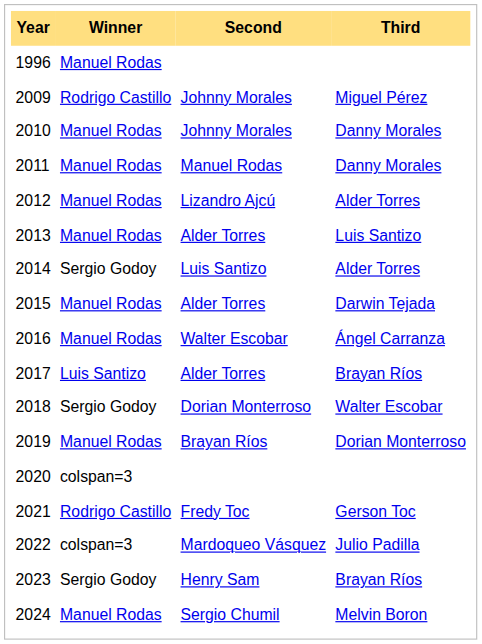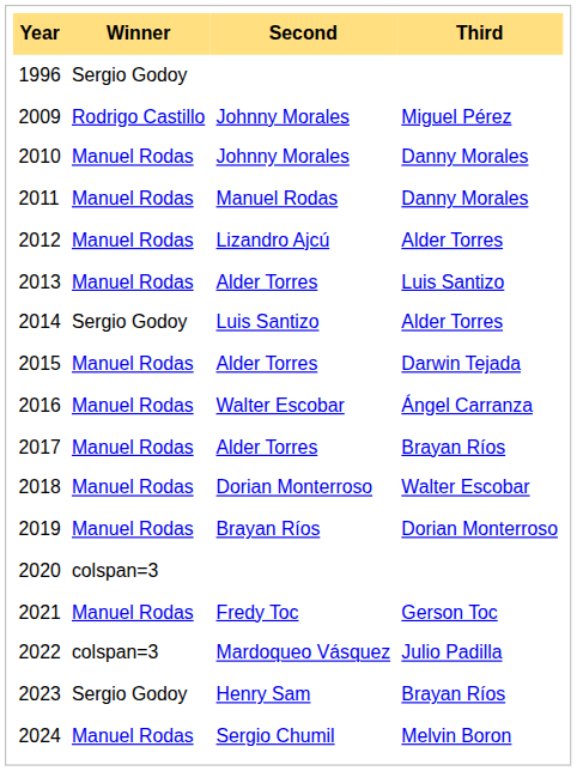 <table cellpadding="4" cellspacing="0"  style="border: 1px solid silver; color: black; margin: 0 0 0.5em 0; background-color: white; padding: 5px; text-align: left; font-size:85%; vertical-align: top; line-height:1.6em;">
 <tr>
 <th scope=col; align="center" bgcolor="FFDF80">Year</th>
 <th scope=col; align="center" bgcolor="FFDF80">Winner</th>
 <th scope=col; align="center" bgcolor="FFDF80">Second</th>
 <th scope=col; align="center" bgcolor="FFDF80">Third</th>
 </tr>
 <tr>
 <td>1996</td>
-<td><a href='#'>Manuel Rodas</a></td>
+<td>Sergio Godoy</td>
 <td></td>
 <td></td>
 </tr>
 <tr>
 <td>2009</td>
 <td><a href='#'>Rodrigo Castillo</a></td>
 <td><a href='#'>Johnny Morales</a></td>
 <td><a href='#'>Miguel Pérez</a></td>
 </tr>
 <tr>
 <td>2010</td>
 <td><a href='#'>Manuel Rodas</a></td>
 <td><a href='#'>Johnny Morales</a></td>
 <td><a href='#'>Danny Morales</a></td>
 </tr>
 <tr>
 <td>2011</td>
 <td><a href='#'>Manuel Rodas</a></td>
 <td><a href='#'>Manuel Rodas</a></td>
 <td><a href='#'>Danny Morales</a></td>
 </tr>
 <tr>
 <td>2012</td>
 <td><a href='#'>Manuel Rodas</a></td>
 <td><a href='#'>Lizandro Ajcú</a></td>
 <td><a href='#'>Alder Torres</a></td>
 </tr>
 <tr>
 <td>2013</td>
 <td><a href='#'>Manuel Rodas</a></td>
 <td><a href='#'>Alder Torres</a></td>
 <td><a href='#'>Luis Santizo</a></td>
 </tr>
 <tr>
 <td>2014</td>
 <td>Sergio Godoy</td>
 <td><a href='#'>Luis Santizo</a></td>
 <td><a href='#'>Alder Torres</a></td>
 </tr>
 <tr>
 <td>2015</td>
 <td><a href='#'>Manuel Rodas</a></td>
 <td><a href='#'>Alder Torres</a></td>
 <td><a href='#'>Darwin Tejada</a></td>
 </tr>
 <tr>
 <td>2016</td>
 <td><a href='#'>Manuel Rodas</a></td>
 <td><a href='#'>Walter Escobar</a></td>
 <td><a href='#'>Ángel Carranza</a></td>
 </tr>
 <tr>
 <td>2017</td>
-<td><a href='#'>Luis Santizo</a></td>
+<td><a href='#'>Manuel Rodas</a></td>
 <td><a href='#'>Alder Torres</a></td>
 <td><a href='#'>Brayan Ríos</a></td>
 </tr>
 <tr>
 <td>2018</td>
-<td>Sergio Godoy</td>
+<td><a href='#'>Manuel Rodas</a></td>
 <td><a href='#'>Dorian Monterroso</a></td>
 <td><a href='#'>Walter Escobar</a></td>
 </tr>
 <tr>
 <td>2019</td>
 <td><a href='#'>Manuel Rodas</a></td>
 <td><a href='#'>Brayan Ríos</a></td>
 <td><a href='#'>Dorian Monterroso</a></td>
 </tr>
 <tr>
 <td>2020</td>
 <td>colspan=3 </td>
 </tr>
 <tr>
 <td>2021</td>
-<td><a href='#'>Rodrigo Castillo</a></td>
+<td><a href='#'>Manuel Rodas</a></td>
 <td><a href='#'>Fredy Toc</a></td>
 <td><a href='#'>Gerson Toc</a></td>
 </tr>
 <tr>
 <td>2022</td>
 <td>colspan=3 </td>
 <td><a href='#'>Mardoqueo Vásquez</a></td>
 <td><a href='#'>Julio Padilla</a></td>
 </tr>
 <tr>
 <td>2023</td>
 <td>Sergio Godoy</td>
 <td><a href='#'>Henry Sam</a></td>
 <td><a href='#'>Brayan Ríos</a></td>
 </tr>
 <tr>
 <td>2024</td>
 <td><a href='#'>Manuel Rodas</a></td>
 <td><a href='#'>Sergio Chumil</a></td>
 <td><a href='#'>Melvin Boron</a></td>
 </tr>
 </table>
